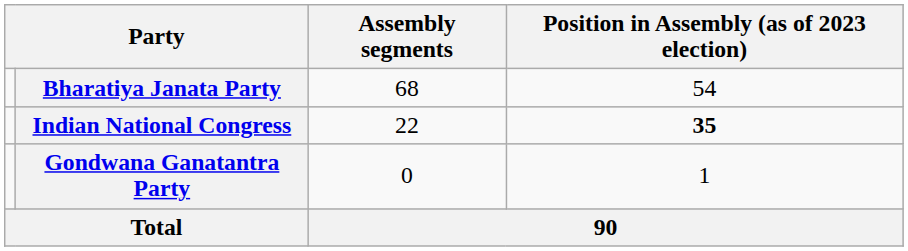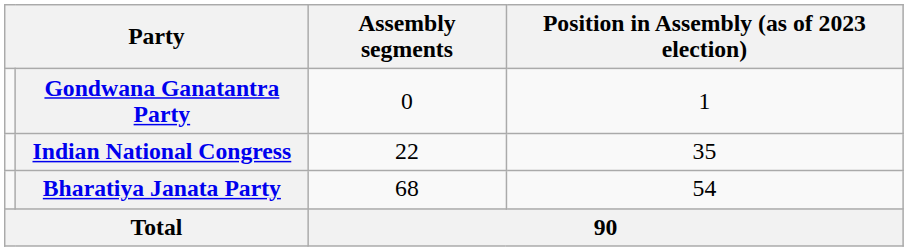 <table class="wikitable" style="text-align:center">
 <tr>
 <th colspan=2>Party</th>
 <th>Assembly segments</th>
 <th>Position in Assembly (as of 2023 election)</th>
 </tr>
 <tr>
 <td></td>
-<th><a href='#'>Bharatiya Janata Party</a></th>
-<td>68</td>
-<td>54</td>
+<th><a href='#'>Gondwana Ganatantra Party</a></th>
+<td>0</td>
+<td>1</td>
 </tr>
 <tr>
 <td></td>
 <th><a href='#'>Indian National Congress</a></th>
 <td>22</td>
-<td><strong>35</strong></td>
+<td>35</td>
 </tr>
 <tr>
 <td></td>
-<th><a href='#'>Gondwana Ganatantra Party</a></th>
-<td>0</td>
-<td>1</td>
+<th><a href='#'>Bharatiya Janata Party</a></th>
+<td>68</td>
+<td>54</td>
 </tr>
 <tr>
 <th colspan=2>Total</th>
 <th colspan=2>90</th>
 </tr>
 </table>
